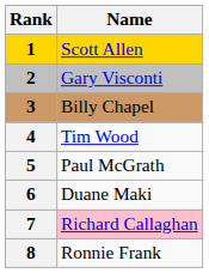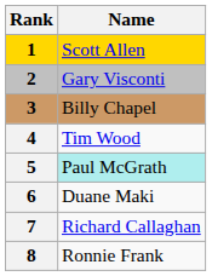 <table class="wikitable">
 <tr>
 <th>Rank</th>
 <th>Name</th>
 </tr>
 <tr bgcolor="gold">
 <td align="center"><strong>1</strong></td>
 <td><a href='#'>Scott Allen</a></td>
 </tr>
 <tr bgcolor="silver">
 <td align="center"><strong>2</strong></td>
 <td><a href='#'>Gary Visconti</a></td>
 </tr>
 <tr bgcolor="cc9966">
 <td align="center"><strong>3</strong></td>
 <td>Billy Chapel</td>
 </tr>
 <tr>
 <th>4</th>
 <td><a href='#'>Tim Wood</a></td>
 </tr>
 <tr>
 <th>5</th>
-<td>Paul McGrath</td>
+<td style="background: paleturquoise;">Paul McGrath</td>
 </tr>
 <tr>
 <th>6</th>
 <td>Duane Maki</td>
 </tr>
 <tr>
 <th>7</th>
-<td style="background: pink;"><a href='#'>Richard Callaghan</a></td>
+<td><a href='#'>Richard Callaghan</a></td>
 </tr>
 <tr>
 <th>8</th>
 <td>Ronnie Frank</td>
 </tr>
 </table>
